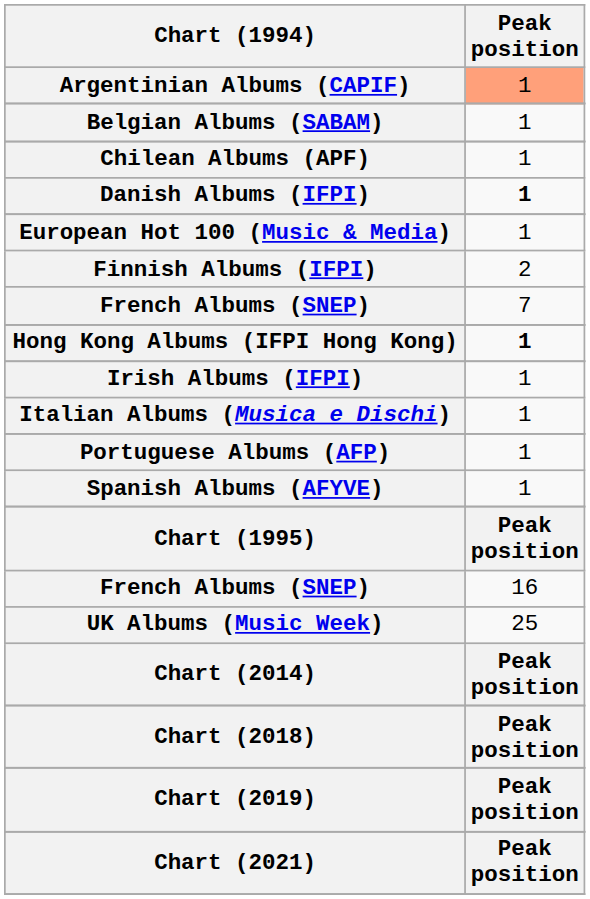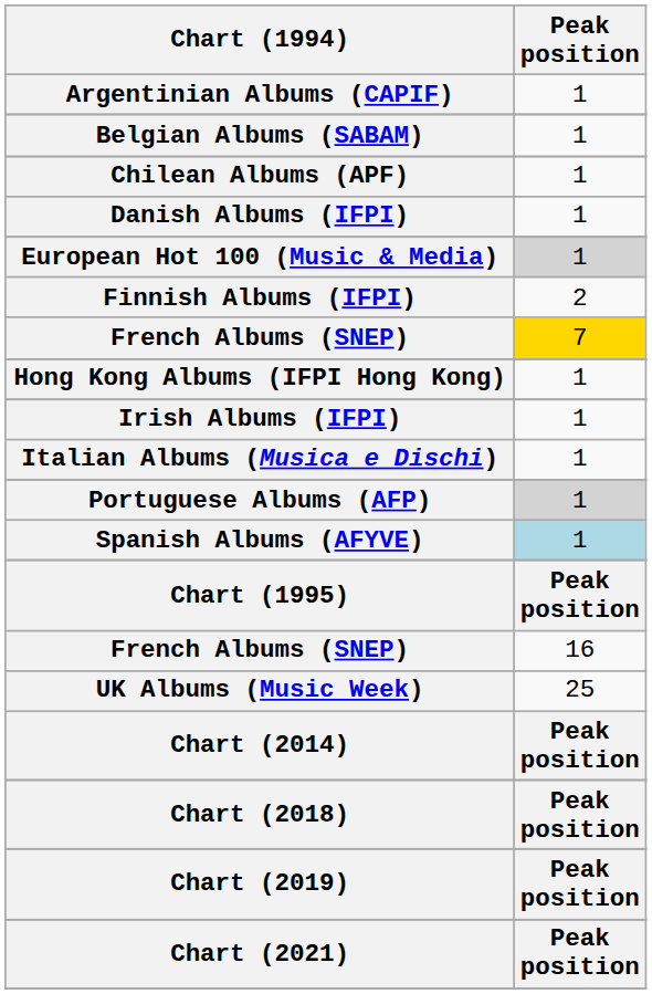 <table class="wikitable sortable plainrowheaders">
 <tr>
 <th style="width:20em;">Chart (1994)</th>
 <th>Peak<br>position</th>
 </tr>
 <tr>
 <th scope="row">Argentinian Albums (<a href='#'>CAPIF</a>)</th>
-<td style="background: lightsalmon; text-align:center;">1</td>
+<td style="text-align:center;">1</td>
 </tr>
 <tr>
 </tr>
 <tr>
 </tr>
 <tr>
 <th scope="row">Belgian Albums (<a href='#'>SABAM</a>)</th>
 <td style="text-align:center;">1</td>
 </tr>
 <tr>
 </tr>
 <tr>
 <th scope="row">Chilean Albums (APF)</th>
 <td style="text-align:center;">1</td>
 </tr>
 <tr>
 <th scope="row">Danish Albums (<a href='#'>IFPI</a>)</th>
-<td style="text-align:center;"><strong>1</strong></td>
+<td style="text-align:center;">1</td>
 </tr>
 <tr>
 </tr>
 <tr>
 <th scope="row">European Hot 100 (<a href='#'>Music & Media</a>)</th>
-<td style="text-align:center;">1</td>
+<td style="background: lightgrey; text-align:center;">1</td>
 </tr>
 <tr>
 <th scope="row">Finnish Albums (<a href='#'>IFPI</a>)</th>
 <td style="text-align:center;">2</td>
 </tr>
 <tr>
 <th scope="row">French Albums (<a href='#'>SNEP</a>)</th>
-<td style="text-align:center;">7</td>
+<td style="background: gold; text-align:center;">7</td>
 </tr>
 <tr>
 </tr>
 <tr>
 <th scope="row">Hong Kong Albums (IFPI Hong Kong)</th>
-<td style="text-align:center;"><strong>1</strong></td>
+<td style="text-align:center;">1</td>
 </tr>
 <tr>
 </tr>
 <tr>
 <th scope="row">Irish Albums (<a href='#'>IFPI</a>)</th>
 <td style="text-align:center;">1</td>
 </tr>
 <tr>
 <th scope="row">Italian Albums (<em><a href='#'>Musica e Dischi</a></em>)</th>
 <td style="text-align:center;">1</td>
 </tr>
 <tr>
 </tr>
 <tr>
 </tr>
 <tr>
 <th scope="row">Portuguese Albums (<a href='#'>AFP</a>)</th>
-<td style="text-align:center;">1</td>
+<td style="background: lightgrey; text-align:center;">1</td>
 </tr>
 <tr>
 <th scope="row">Spanish Albums (<a href='#'>AFYVE</a>)</th>
-<td align="center">1</td>
+<td align="center" style="background: lightblue;">1</td>
 </tr>
 <tr>
 </tr>
 <tr>
 </tr>
 <tr>
 </tr>
 <tr>
 </tr>
 <tr>
 <th style="width:20em;">Chart (1995)</th>
 <th>Peak<br>position</th>
 </tr>
 <tr>
 <th scope="row">French Albums (<a href='#'>SNEP</a>)</th>
 <td style="text-align:center;">16</td>
 </tr>
 <tr>
 <th scope="row">UK Albums (<a href='#'>Music Week</a>)</th>
 <td style="text-align:center;">25</td>
 </tr>
 <tr>
 <th style="width:20em;">Chart (2014)</th>
 <th>Peak<br>position</th>
 </tr>
 <tr>
 </tr>
 <tr>
 </tr>
 <tr>
 </tr>
 <tr>
 </tr>
 <tr>
 </tr>
 <tr>
 </tr>
 <tr>
 </tr>
 <tr>
 </tr>
 <tr>
 </tr>
 <tr>
 <th style="width:20em;">Chart (2018)</th>
 <th>Peak<br>position</th>
 </tr>
 <tr>
 </tr>
 <tr>
 <th style="width:20em;">Chart (2019)</th>
 <th>Peak<br>position</th>
 </tr>
 <tr>
 </tr>
 <tr>
 </tr>
 <tr>
 </tr>
 <tr>
 <th style="width:20em;">Chart (2021)</th>
 <th>Peak<br>position</th>
 </tr>
 <tr>
 </tr>
 </table>
